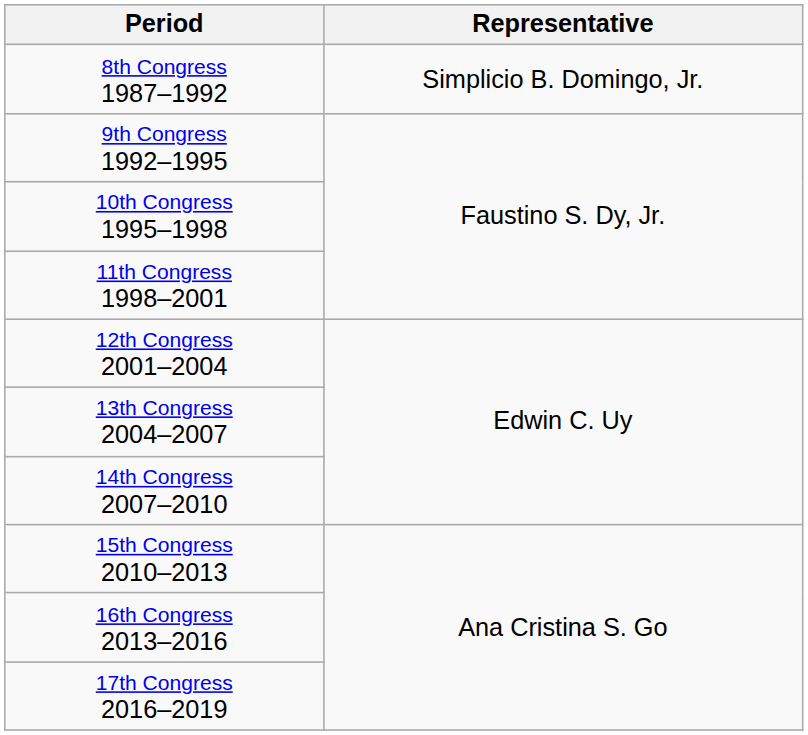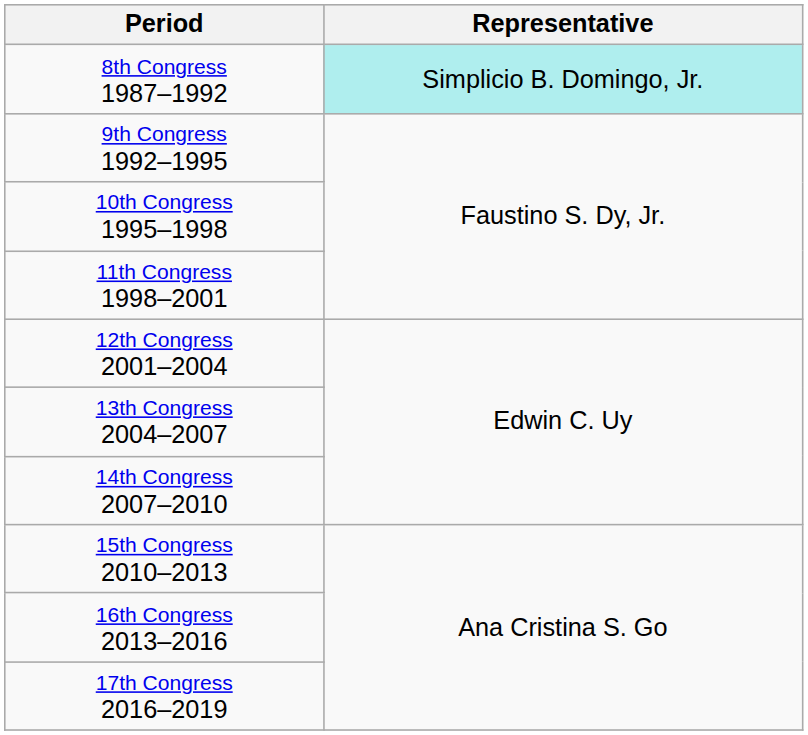 <table class="wikitable" style="text-align:center; width:40%;">
 <tr>
 <th width="40%">Period</th>
 <th>Representative</th>
 </tr>
 <tr>
 <td><small><a href='#'>8th Congress</a></small><br>1987–1992</td>
-<td>Simplicio B. Domingo, Jr.</td>
+<td style="background: paleturquoise;">Simplicio B. Domingo, Jr.</td>
 </tr>
 <tr>
 <td><small><a href='#'>9th Congress</a></small><br>1992–1995</td>
 <td rowspan="3">Faustino S. Dy, Jr.</td>
 </tr>
 <tr>
 <td><small><a href='#'>10th Congress</a></small><br>1995–1998</td>
 </tr>
 <tr>
 <td><small><a href='#'>11th Congress</a></small><br>1998–2001</td>
 </tr>
 <tr>
 <td><small><a href='#'>12th Congress</a></small><br>2001–2004</td>
 <td rowspan="3">Edwin C. Uy</td>
 </tr>
 <tr>
 <td><small><a href='#'>13th Congress</a></small><br>2004–2007</td>
 </tr>
 <tr>
 <td><small><a href='#'>14th Congress</a></small><br>2007–2010</td>
 </tr>
 <tr>
 <td><small><a href='#'>15th Congress</a></small><br>2010–2013</td>
 <td rowspan="3">Ana Cristina S. Go</td>
 </tr>
 <tr>
 <td><small><a href='#'>16th Congress</a></small><br>2013–2016</td>
 </tr>
 <tr>
 <td><small><a href='#'>17th Congress</a></small><br>2016–2019</td>
 </tr>
 </table>
